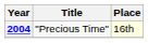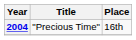 <table class="wikitable plainrowheaders sortable">
 <tr>
 <th scope="col">Year</th>
 <th scope="col">Title</th>
 <th scope="col">Place</th>
 </tr>
 <tr>
 <th scope="row"><a href='#'>2004</a></th>
 <td>"Precious Time"</td>
-<td style="background: lightyellow;">16th</td>
+<td>16th</td>
 </tr>
 <tr>
 </tr>
 </table>
